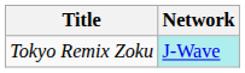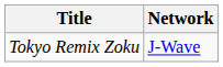 <table class="wikitable">
 <tr>
 <th>Title</th>
 <th>Network</th>
 </tr>
 <tr>
 <td><em>Tokyo Remix Zoku</em></td>
-<td style="background: paleturquoise;"><a href='#'>J-Wave</a></td>
+<td><a href='#'>J-Wave</a></td>
 </tr>
 </table>
